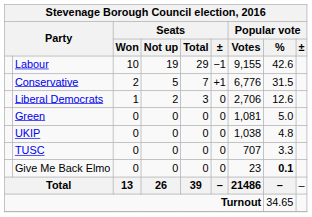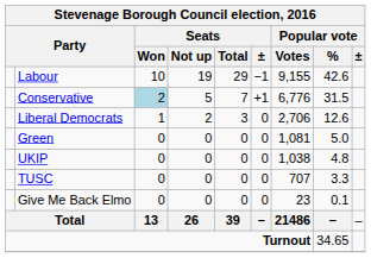 <table class="wikitable">
 <tr>
 <th colspan="9"><strong>Stevenage Borough Council election, 2016</strong></th>
 </tr>
 <tr>
 <th rowspan="2" colspan="2">Party</th>
 <th colspan="4">Seats</th>
 <th colspan="3">Popular vote</th>
 </tr>
 <tr>
 <th>Won</th>
 <th>Not up</th>
 <th>Total</th>
 <th>±</th>
 <th>Votes</th>
 <th>%</th>
 <th>±</th>
 </tr>
 <tr>
 <td style="background-color: "> </td>
 <td><a href='#'>Labour</a></td>
 <td align=right>10</td>
 <td align=right>19</td>
 <td align=right>29</td>
 <td align=right>−1</td>
 <td align=right>9,155</td>
 <td align=right>42.6</td>
 <td align=right></td>
 </tr>
 <tr>
 <td style="background-color: "> </td>
 <td><a href='#'>Conservative</a></td>
-<td align=right>2</td>
+<td align=right style="background: lightblue;">2</td>
 <td align=right>5</td>
 <td align=right>7</td>
 <td align=right>+1</td>
 <td align=right>6,776</td>
 <td align=right>31.5</td>
 <td align=right></td>
 </tr>
 <tr>
 <td style="background-color: "> </td>
 <td><a href='#'>Liberal Democrats</a></td>
 <td align=right>1</td>
 <td align=right>2</td>
 <td align=right>3</td>
 <td align=right>0</td>
 <td align=right>2,706</td>
 <td align=right>12.6</td>
 <td align=right></td>
 </tr>
 <tr>
 <td style="background-color: "> </td>
 <td><a href='#'>Green</a></td>
 <td align=right>0</td>
 <td align=right>0</td>
 <td align=right>0</td>
 <td align=right>0</td>
 <td align=right>1,081</td>
 <td align=right>5.0</td>
 <td align=right></td>
 </tr>
 <tr>
 <td style="background-color: "> </td>
 <td><a href='#'>UKIP</a></td>
 <td align=right>0</td>
 <td align=right>0</td>
 <td align=right>0</td>
 <td align=right>0</td>
 <td align=right>1,038</td>
 <td align=right>4.8</td>
 <td align=right></td>
 </tr>
 <tr>
 <td style="background-color: "> </td>
 <td><a href='#'>TUSC</a></td>
 <td align=right>0</td>
 <td align=right>0</td>
 <td align=right>0</td>
 <td align=right>0</td>
 <td align=right>707</td>
 <td align=right>3.3</td>
 <td align=right></td>
 </tr>
 <tr>
 <td> </td>
 <td>Give Me Back Elmo</td>
 <td align=right>0</td>
 <td align=right>0</td>
 <td align=right>0</td>
 <td align=right>0</td>
 <td align=right>23</td>
-<td align=right><strong>0.1</strong></td>
+<td align=right>0.1</td>
 <td align=right></td>
 </tr>
 <tr>
 <th colspan="2">Total</th>
 <th align=right>13</th>
 <th align=right>26</th>
 <th align=right>39</th>
 <th align=right>–</th>
 <th align=right>21486</th>
 <th align=right>–</th>
 <td align=right>–</td>
 </tr>
 <tr>
 <td colspan="7" align=right><strong>Turnout</strong></td>
 <td align=right>34.65</td>
 <td align=right></td>
 </tr>
 <tr>
 </tr>
 </table>
